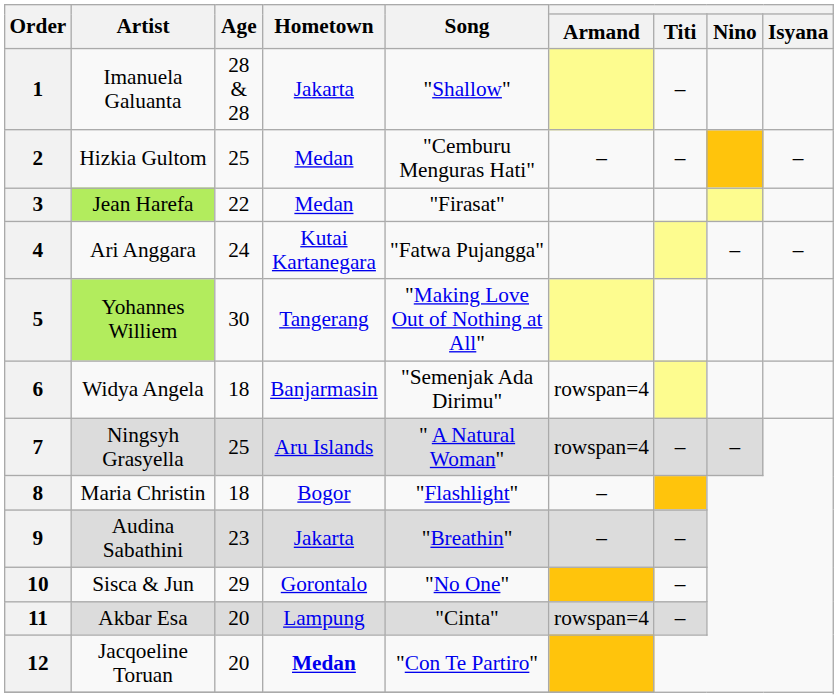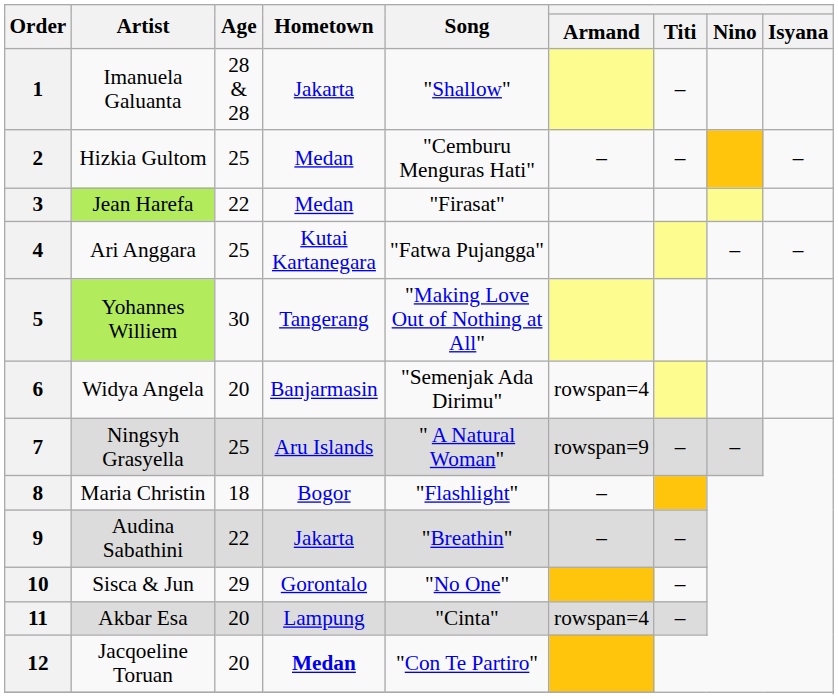 <table class="wikitable" style="text-align:center; width:100%;">
 <tr>
 <th scope="col" rowspan="2" width="06%">Order</th>
 <th scope="col" rowspan="2" width="20%">Artist</th>
 <th scope="col" rowspan="2" width="06%">Age</th>
 <th scope="col" rowspan="2" width="15%">Hometown</th>
 <th scope="col" rowspan="2" width="23%">Song</th>
 <th scope="col" colspan="4" width="28%"></th>
 </tr>
 <tr>
 <th width="07%">Armand</th>
 <th width="07%">Titi</th>
 <th width="07%"> Nino</th>
 <th width="07%">Isyana</th>
 </tr>
 <tr>
 <th>1</th>
 <td>Imanuela Galuanta</td>
 <td>28 & 28</td>
 <td><a href='#'>Jakarta</a></td>
 <td>"<a href='#'>Shallow</a>"</td>
 <td style="background:#fdfc8f;"><strong></strong></td>
 <td>–</td>
 <td><strong></strong></td>
 <td><strong></strong></td>
 </tr>
 <tr>
 <th>2</th>
 <td>Hizkia Gultom</td>
 <td>25</td>
 <td><a href='#'>Medan</a></td>
 <td>"Cemburu Menguras Hati"</td>
 <td>–</td>
 <td>–</td>
 <td style="background:#ffc40c"><strong></strong></td>
 <td>–</td>
 </tr>
 <tr>
 <th>3</th>
 <td style="background:#B2EC5D">Jean Harefa</td>
 <td>22</td>
 <td><a href='#'>Medan</a></td>
 <td>"Firasat"</td>
 <td><strong></strong></td>
 <td><strong></strong></td>
 <td style="background:#fdfc8f;"><strong></strong></td>
 <td><strong></strong></td>
 </tr>
 <tr>
 <th>4</th>
 <td>Ari Anggara</td>
-<td>24</td>
+<td>25</td>
 <td><a href='#'>Kutai Kartanegara</a></td>
 <td>"Fatwa Pujangga"</td>
 <td><strong></strong></td>
 <td style="background:#fdfc8f;"><strong></strong></td>
 <td>–</td>
 <td>–</td>
 </tr>
 <tr>
 <th>5</th>
 <td style="background:#B2EC5D">Yohannes Williem</td>
 <td>30</td>
 <td><a href='#'>Tangerang</a></td>
 <td>"<a href='#'>Making Love Out of Nothing at All</a>"</td>
 <td style="background:#fdfc8f;"><strong></strong></td>
 <td><strong></strong></td>
 <td><strong></strong></td>
 <td><strong></strong></td>
 </tr>
 <tr>
 <th>6</th>
 <td>Widya Angela</td>
-<td>18</td>
+<td>20</td>
 <td><a href='#'>Banjarmasin</a></td>
 <td>"Semenjak Ada Dirimu"</td>
 <td>rowspan=4 </td>
 <td style="background:#fdfc8f;"><strong></strong></td>
 <td><strong></strong></td>
 <td><strong></strong></td>
 </tr>
 <tr style="background:#DCDCDC;">
 <th>7</th>
 <td>Ningsyh Grasyella</td>
 <td>25</td>
 <td><a href='#'>Aru Islands</a></td>
 <td>" <a href='#'>A Natural Woman</a>"</td>
-<td>rowspan=4 </td>
+<td>rowspan=9 </td>
 <td>–</td>
 <td>–</td>
 </tr>
 <tr>
 <th>8</th>
 <td>Maria Christin</td>
 <td>18</td>
 <td><a href='#'>Bogor</a></td>
 <td>"<a href='#'>Flashlight</a>"</td>
 <td>–</td>
 <td style="background:#ffc40c"><strong></strong></td>
 </tr>
 <tr style="background:#DCDCDC;">
 <th>9</th>
 <td>Audina Sabathini</td>
-<td>23</td>
+<td>22</td>
 <td><a href='#'>Jakarta</a></td>
 <td>"<a href='#'>Breathin</a>"</td>
 <td>–</td>
 <td>–</td>
 </tr>
 <tr>
 <th>10</th>
 <td>Sisca & Jun</td>
 <td>29</td>
 <td><a href='#'>Gorontalo</a></td>
 <td>"<a href='#'>No One</a>"</td>
 <td style="background:#ffc40c"><strong></strong></td>
 <td>–</td>
 </tr>
 <tr style="background:#DCDCDC;">
 <th>11</th>
 <td>Akbar Esa</td>
 <td>20</td>
 <td><a href='#'>Lampung</a></td>
 <td>"Cinta"</td>
 <td>rowspan=4 </td>
 <td>–</td>
 </tr>
 <tr>
 <th>12</th>
 <td>Jacqoeline Toruan</td>
 <td>20</td>
 <td><strong><a href='#'>Medan</a></strong></td>
 <td>"<a href='#'>Con Te Partiro</a>"</td>
 <td style="background:#ffc40c"><strong></strong></td>
 </tr>
 <tr>
 </tr>
 </table>
